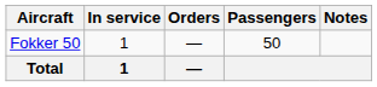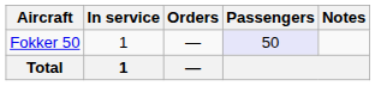 <table class="wikitable" style="margin:1em auto; border-collapse:collapse;text-align:center">
 <tr>
 <th>Aircraft</th>
 <th>In service</th>
 <th>Orders</th>
 <th>Passengers</th>
 <th>Notes</th>
 </tr>
 <tr>
 <td><a href='#'>Fokker 50</a></td>
 <td>1</td>
 <td>—</td>
-<td>50</td>
+<td style="background: lavender;">50</td>
 <td></td>
 </tr>
 <tr>
 <th>Total</th>
 <th>1</th>
 <th>—</th>
 <th colspan="2"></th>
 </tr>
 </table>
